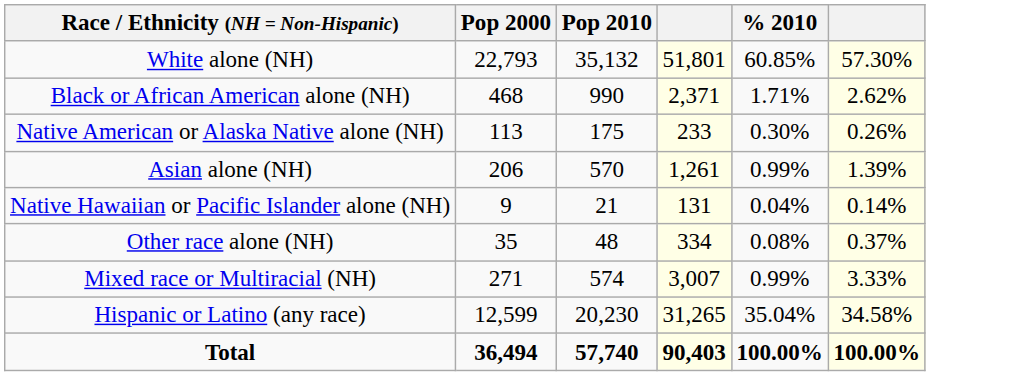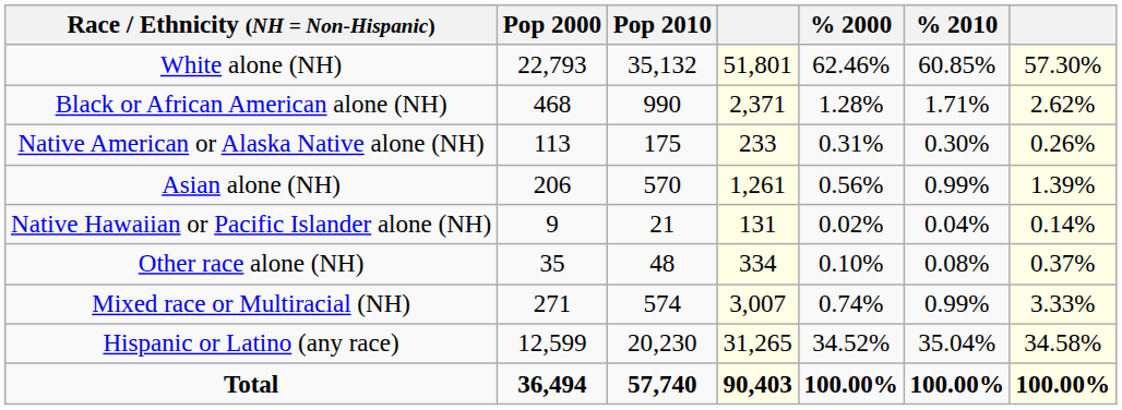 <table class="wikitable" style="text-align:center;">
 <tr>
 <th>Race / Ethnicity <small>(<em>NH = Non-Hispanic</em>)</small></th>
 <th>Pop 2000</th>
 <th>Pop 2010</th>
 <th></th>
+<th>% 2000</th>
 <th>% 2010</th>
 <th></th>
 </tr>
 <tr>
 <td><a href='#'>White</a> alone (NH)</td>
 <td>22,793</td>
 <td>35,132</td>
 <td style='background: #ffffe6;'>51,801</td>
+<td>62.46%</td>
 <td>60.85%</td>
 <td style='background: #ffffe6;'>57.30%</td>
 </tr>
 <tr>
 <td><a href='#'>Black or African American</a> alone (NH)</td>
 <td>468</td>
 <td>990</td>
 <td style='background: #ffffe6;'>2,371</td>
+<td>1.28%</td>
 <td>1.71%</td>
 <td style='background: #ffffe6;'>2.62%</td>
 </tr>
 <tr>
 <td><a href='#'>Native American</a> or <a href='#'>Alaska Native</a> alone (NH)</td>
 <td>113</td>
 <td>175</td>
 <td style='background: #ffffe6;'>233</td>
+<td>0.31%</td>
 <td>0.30%</td>
 <td style='background: #ffffe6;'>0.26%</td>
 </tr>
 <tr>
 <td><a href='#'>Asian</a> alone (NH)</td>
 <td>206</td>
 <td>570</td>
 <td style='background: #ffffe6;'>1,261</td>
+<td>0.56%</td>
 <td>0.99%</td>
 <td style='background: #ffffe6;'>1.39%</td>
 </tr>
 <tr>
 <td><a href='#'>Native Hawaiian</a> or <a href='#'>Pacific Islander</a> alone (NH)</td>
 <td>9</td>
 <td>21</td>
 <td style='background: #ffffe6;'>131</td>
+<td>0.02%</td>
 <td>0.04%</td>
 <td style='background: #ffffe6;'>0.14%</td>
 </tr>
 <tr>
 <td><a href='#'>Other race</a> alone (NH)</td>
 <td>35</td>
 <td>48</td>
 <td style='background: #ffffe6;'>334</td>
+<td>0.10%</td>
 <td>0.08%</td>
 <td style='background: #ffffe6;'>0.37%</td>
 </tr>
 <tr>
 <td><a href='#'>Mixed race or Multiracial</a> (NH)</td>
 <td>271</td>
 <td>574</td>
 <td style='background: #ffffe6;'>3,007</td>
+<td>0.74%</td>
 <td>0.99%</td>
 <td style='background: #ffffe6;'>3.33%</td>
 </tr>
 <tr>
 <td><a href='#'>Hispanic or Latino</a> (any race)</td>
 <td>12,599</td>
 <td>20,230</td>
 <td style='background: #ffffe6;'>31,265</td>
+<td>34.52%</td>
 <td>35.04%</td>
 <td style='background: #ffffe6;'>34.58%</td>
 </tr>
 <tr>
 <td><strong>Total</strong></td>
 <td><strong>36,494</strong></td>
 <td><strong>57,740</strong></td>
 <td style='background: #ffffe6;'><strong>90,403</strong></td>
 <td><strong>100.00%</strong></td>
+<td><strong>100.00%</strong></td>
 <td style='background: #ffffe6;'><strong>100.00%</strong></td>
 </tr>
 </table>
